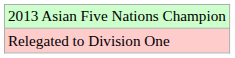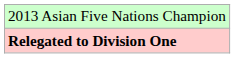 <table class="wikitable">
 <tr style="width:10px; background:#cfc;">
 <td>2013 Asian Five Nations Champion</td>
 </tr>
 <tr style="width:10px; background:#fcc;">
-<td>Relegated to Division One</td>
+<td><strong>Relegated to Division One</strong></td>
 </tr>
 </table>
